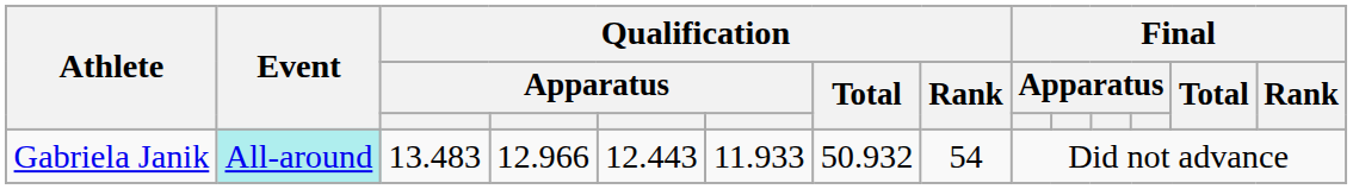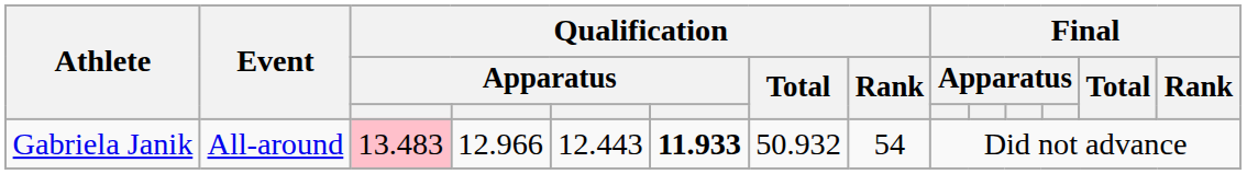 <table class="wikitable" style="text-align:center; font-size:90%">
 <tr>
 <th rowspan=3>Athlete</th>
 <th rowspan=3>Event</th>
 <th colspan=6>Qualification</th>
 <th colspan=6>Final</th>
 </tr>
 <tr style="font-size:95%">
 <th colspan=4>Apparatus</th>
 <th rowspan=2>Total</th>
 <th rowspan=2>Rank</th>
 <th colspan=4>Apparatus</th>
 <th rowspan=2>Total</th>
 <th rowspan=2>Rank</th>
 </tr>
 <tr style="font-size:95%">
 <th></th>
 <th></th>
 <th></th>
 <th></th>
 <th></th>
 <th></th>
 <th></th>
 <th></th>
 </tr>
 <tr>
 <td align=left><a href='#'>Gabriela Janik</a></td>
-<td align=left style="background: paleturquoise;"><a href='#'>All-around</a></td>
-<td>13.483</td>
+<td align=left><a href='#'>All-around</a></td>
+<td style="background: pink;">13.483</td>
 <td>12.966</td>
 <td>12.443</td>
-<td>11.933</td>
+<td><strong>11.933</strong></td>
 <td>50.932</td>
 <td>54</td>
 <td colspan=6>Did not advance</td>
 </tr>
 </table>
